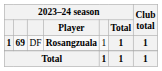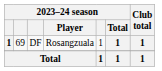 <table class="wikitable sortable" style="text-align:center; font-size:95%;">
 <tr>
 <th colspan="6">2023–24 season</th>
 <th rowspan="2">Club<br>total</th>
 </tr>
 <tr>
 <th></th>
 <th></th>
 <th></th>
 <th>Player</th>
 <th></th>
 <th>Total</th>
 </tr>
 <tr>
 <th>1</th>
-<td><strong>69</strong></td>
+<td>69</td>
 <td>DF</td>
-<td style="text-align:left;"><strong> Rosangzuala</strong></td>
+<td style="text-align:left;"> Rosangzuala</td>
 <td>1</td>
 <th>1</th>
 <th>1</th>
 </tr>
 <tr>
 </tr>
 <tr>
 <th colspan="4">Total</th>
 <th>1</th>
 <th>1</th>
 <th>1</th>
 </tr>
 </table>
